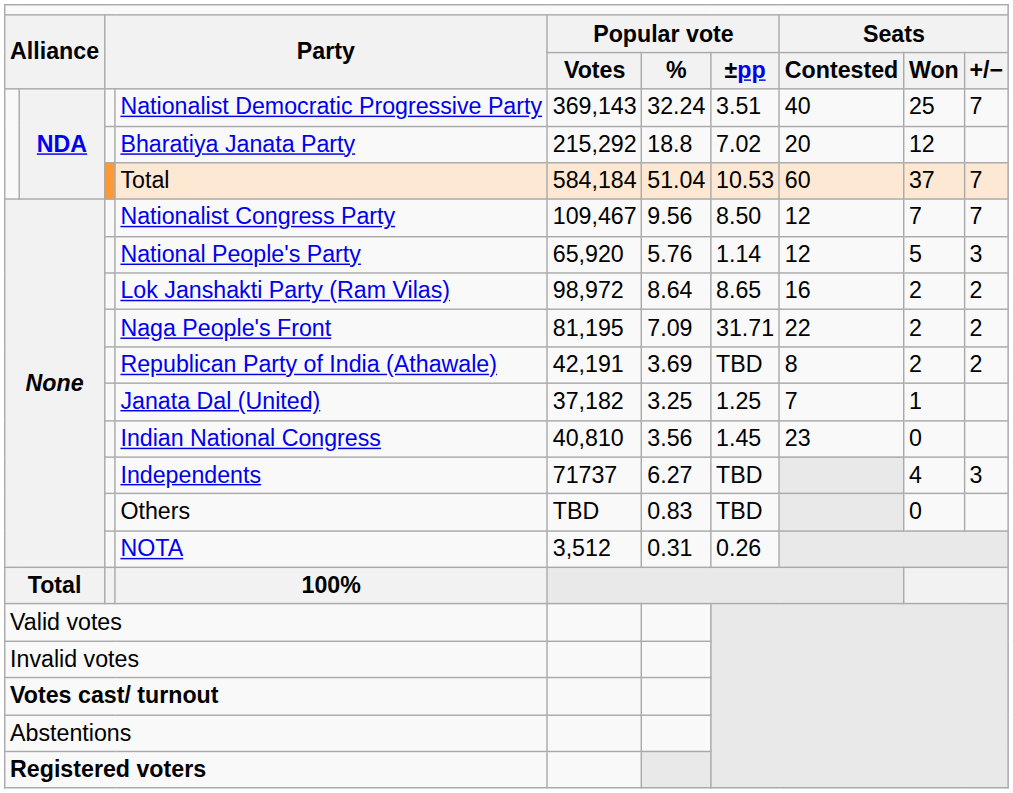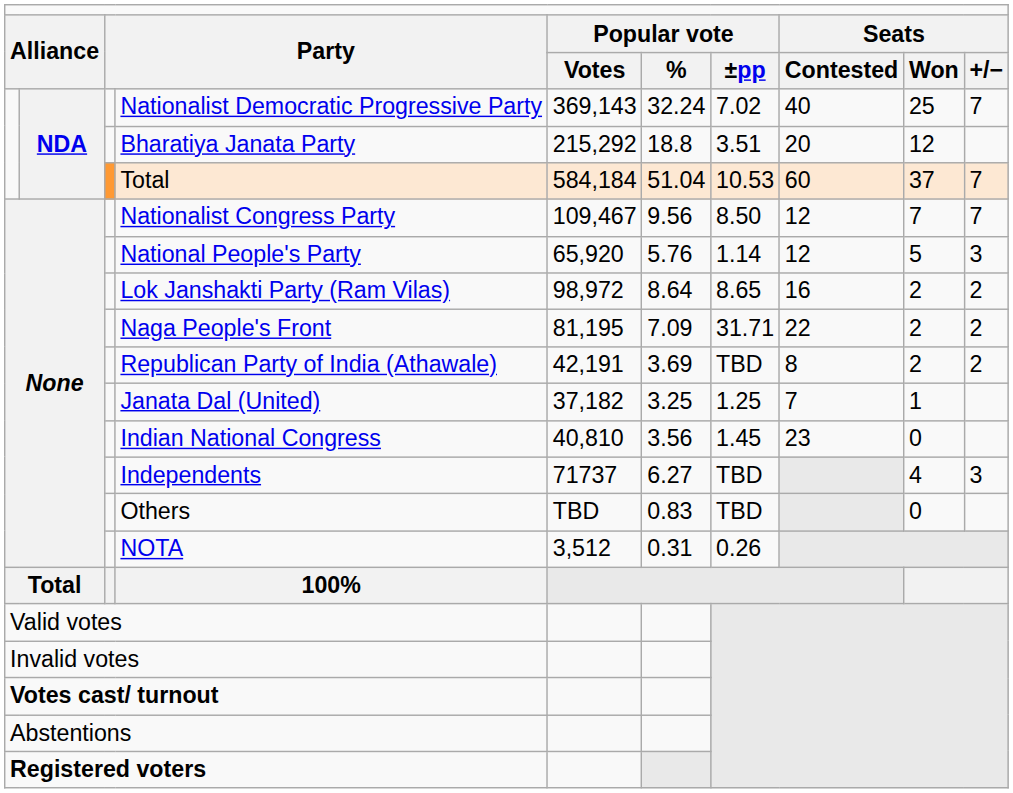 <table class="wikitable">
 <tr>
 <td colspan=15 align=center></td>
 </tr>
 <tr>
 <th colspan="2" rowspan="2">Alliance</th>
 <th colspan="2" rowspan="2">Party</th>
 <th colspan="3">Popular vote</th>
 <th colspan="3">Seats</th>
 </tr>
 <tr>
 <th>Votes</th>
 <th>%</th>
 <th>±<a href='#'>pp</a></th>
 <th>Contested</th>
 <th>Won</th>
 <th><strong>+/−</strong></th>
 </tr>
 <tr>
 <td rowspan="3"></td>
 <th rowspan="3"><a href='#'>NDA</a></th>
 <td></td>
 <td><a href='#'>Nationalist Democratic Progressive Party</a></td>
 <td>369,143</td>
 <td>32.24</td>
-<td> 3.51</td>
+<td> 7.02</td>
 <td>40</td>
 <td>25</td>
 <td> 7</td>
 </tr>
 <tr>
 <td></td>
 <td><a href='#'>Bharatiya Janata Party</a></td>
 <td>215,292</td>
 <td>18.8</td>
-<td> 7.02</td>
+<td> 3.51</td>
 <td>20</td>
 <td>12</td>
 <td></td>
 </tr>
 <tr>
 <td style="background:#FF9933"></td>
 <td style="background:#fde8d3">Total</td>
 <td style="background:#fde8d3">584,184</td>
 <td style="background:#fde8d3">51.04</td>
 <td style="background:#fde8d3"> 10.53</td>
 <td style="background:#fde8d3">60</td>
 <td style="background:#fde8d3">37</td>
 <td style="background:#fde8d3"> 7</td>
 </tr>
 <tr>
 <th colspan="2" rowspan="10"><em>None</em></th>
 <td></td>
 <td><a href='#'>Nationalist Congress Party</a></td>
 <td>109,467</td>
 <td>9.56</td>
 <td> 8.50</td>
 <td>12</td>
 <td>7</td>
 <td> 7</td>
 </tr>
 <tr>
 <td></td>
 <td><a href='#'>National People's Party</a></td>
 <td>65,920</td>
 <td>5.76</td>
 <td> 1.14</td>
 <td>12</td>
 <td>5</td>
 <td> 3</td>
 </tr>
 <tr>
 <td></td>
 <td><a href='#'>Lok Janshakti Party (Ram Vilas)</a></td>
 <td>98,972</td>
 <td>8.64</td>
 <td> 8.65</td>
 <td>16</td>
 <td>2</td>
 <td> 2</td>
 </tr>
 <tr>
 <td></td>
 <td><a href='#'>Naga People's Front</a></td>
 <td>81,195</td>
 <td>7.09</td>
 <td> 31.71</td>
 <td>22</td>
 <td>2</td>
 <td> 2</td>
 </tr>
 <tr>
 <td></td>
 <td><a href='#'>Republican Party of India (Athawale)</a></td>
 <td>42,191</td>
 <td>3.69</td>
 <td>TBD</td>
 <td>8</td>
 <td>2</td>
 <td> 2</td>
 </tr>
 <tr>
 <td></td>
 <td><a href='#'>Janata Dal (United)</a></td>
 <td>37,182</td>
 <td>3.25</td>
 <td> 1.25</td>
 <td>7</td>
 <td>1</td>
 <td></td>
 </tr>
 <tr>
 <td></td>
 <td><a href='#'>Indian National Congress</a></td>
 <td>40,810</td>
 <td>3.56</td>
 <td> 1.45</td>
 <td>23</td>
 <td>0</td>
 <td></td>
 </tr>
 <tr>
 <td></td>
 <td><a href='#'>Independents</a></td>
 <td>71737</td>
 <td>6.27</td>
 <td>TBD</td>
 <td style="background-color:#E9E9E9"></td>
 <td>4</td>
 <td> 3</td>
 </tr>
 <tr>
 <td></td>
 <td>Others</td>
 <td>TBD</td>
 <td>0.83</td>
 <td>TBD</td>
 <td style="background-color:#E9E9E9"></td>
 <td>0</td>
 <td></td>
 </tr>
 <tr>
 <td></td>
 <td><a href='#'>NOTA</a></td>
 <td>3,512</td>
 <td>0.31</td>
 <td> 0.26</td>
 <th colspan="3" style="background-color:#E9E9E9"></th>
 </tr>
 <tr>
 <th colspan="2">Total</th>
 <th></th>
 <th>100%</th>
 <th colspan="4" style="background-color:#E9E9E9"></th>
 <th colspan="10"></th>
 </tr>
 <tr>
 <td colspan="4" style="text-align:left;">Valid votes</td>
 <td align="right"></td>
 <td align="right"></td>
 <th colspan="4" rowspan="5" style="background-color:#E9E9E9"></th>
 </tr>
 <tr>
 <td colspan="4" style="text-align:left;">Invalid votes</td>
 <td align="right"></td>
 <td align="right"></td>
 </tr>
 <tr>
 <td colspan="4" style="text-align:left;"><strong>Votes cast/ turnout</strong></td>
 <td align="right"></td>
 <td align="right"></td>
 </tr>
 <tr>
 <td colspan="4" style="text-align:left;">Abstentions</td>
 <td align="right"></td>
 <td align="right"></td>
 </tr>
 <tr>
 <td colspan="4" style="text-align:left;"><strong>Registered voters</strong></td>
 <td align="right"></td>
 <td style="background-color:#E9E9E9"></td>
 </tr>
 </table>
